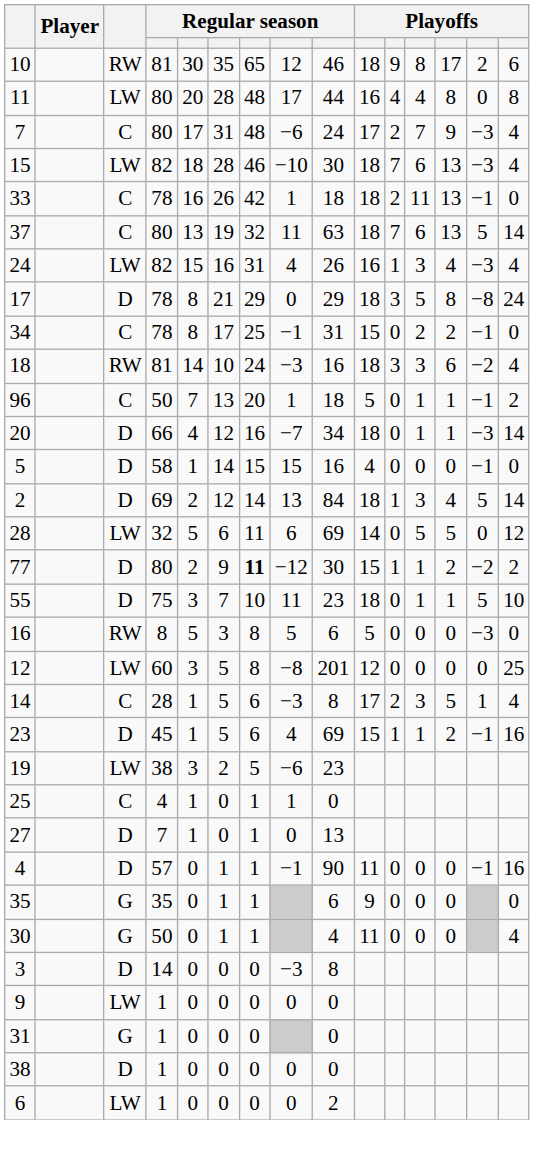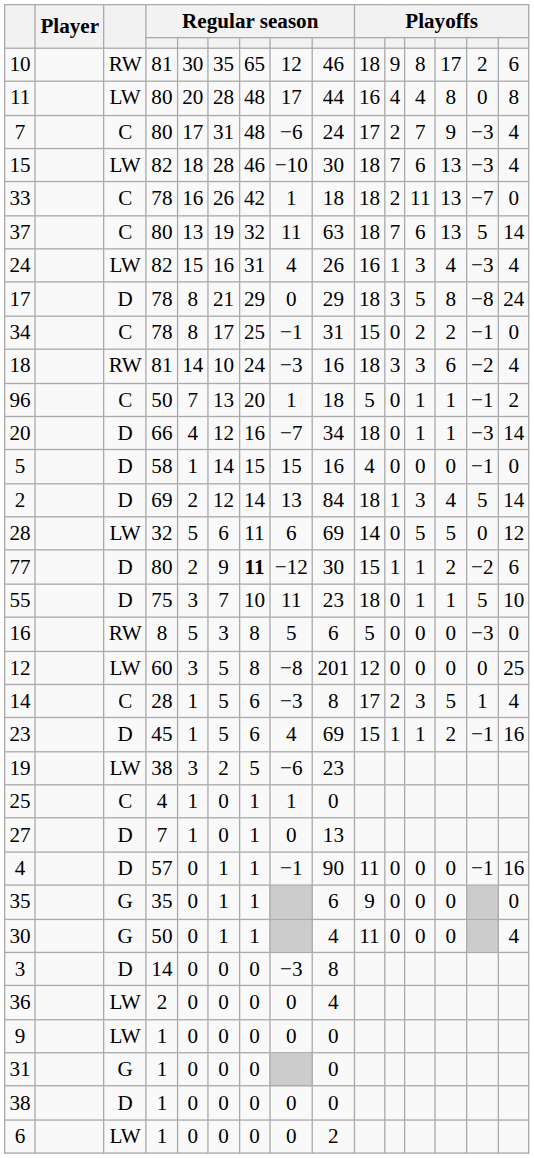 <table class="wikitable sortable plainrowheaders" style="text-align:center;">
 <tr>
 <th scope="col" data-sort-type="number" rowspan="2"></th>
 <th scope="col" rowspan="2">Player</th>
 <th scope="col" rowspan="2"></th>
 <th scope=colgroup colspan=6>Regular season</th>
 <th scope=colgroup colspan=6>Playoffs</th>
 </tr>
 <tr>
 <th scope="col" data-sort-type="number"></th>
 <th scope="col" data-sort-type="number"></th>
 <th scope="col" data-sort-type="number"></th>
 <th scope="col" data-sort-type="number"></th>
 <th scope="col" data-sort-type="number"></th>
 <th scope="col" data-sort-type="number"></th>
 <th scope="col" data-sort-type="number"></th>
 <th scope="col" data-sort-type="number"></th>
 <th scope="col" data-sort-type="number"></th>
 <th scope="col" data-sort-type="number"></th>
 <th scope="col" data-sort-type="number"></th>
 <th scope="col" data-sort-type="number"></th>
 </tr>
 <tr>
 <td scope="row">10</td>
 <td align="left"></td>
 <td>RW</td>
 <td>81</td>
 <td>30</td>
 <td>35</td>
 <td>65</td>
 <td>12</td>
 <td>46</td>
 <td>18</td>
 <td>9</td>
 <td>8</td>
 <td>17</td>
 <td>2</td>
 <td>6</td>
 </tr>
 <tr>
 <td scope="row">11</td>
 <td align="left"></td>
 <td>LW</td>
 <td>80</td>
 <td>20</td>
 <td>28</td>
 <td>48</td>
 <td>17</td>
 <td>44</td>
 <td>16</td>
 <td>4</td>
 <td>4</td>
 <td>8</td>
 <td>0</td>
 <td>8</td>
 </tr>
 <tr>
 <td scope="row">7</td>
 <td align="left"></td>
 <td>C</td>
 <td>80</td>
 <td>17</td>
 <td>31</td>
 <td>48</td>
 <td>−6</td>
 <td>24</td>
 <td>17</td>
 <td>2</td>
 <td>7</td>
 <td>9</td>
 <td>−3</td>
 <td>4</td>
 </tr>
 <tr>
 <td scope="row">15</td>
 <td align="left"></td>
 <td>LW</td>
 <td>82</td>
 <td>18</td>
 <td>28</td>
 <td>46</td>
 <td>−10</td>
 <td>30</td>
 <td>18</td>
 <td>7</td>
 <td>6</td>
 <td>13</td>
 <td>−3</td>
 <td>4</td>
 </tr>
 <tr>
 <td scope="row">33</td>
 <td align="left"></td>
 <td>C</td>
 <td>78</td>
 <td>16</td>
 <td>26</td>
 <td>42</td>
 <td>1</td>
 <td>18</td>
 <td>18</td>
 <td>2</td>
 <td>11</td>
 <td>13</td>
-<td>−1</td>
+<td>−7</td>
 <td>0</td>
 </tr>
 <tr>
 <td scope="row">37</td>
 <td align="left"></td>
 <td>C</td>
 <td>80</td>
 <td>13</td>
 <td>19</td>
 <td>32</td>
 <td>11</td>
 <td>63</td>
 <td>18</td>
 <td>7</td>
 <td>6</td>
 <td>13</td>
 <td>5</td>
 <td>14</td>
 </tr>
 <tr>
 <td scope="row">24</td>
 <td align="left"></td>
 <td>LW</td>
 <td>82</td>
 <td>15</td>
 <td>16</td>
 <td>31</td>
 <td>4</td>
 <td>26</td>
 <td>16</td>
 <td>1</td>
 <td>3</td>
 <td>4</td>
 <td>−3</td>
 <td>4</td>
 </tr>
 <tr>
 <td scope="row">17</td>
 <td align="left"></td>
 <td>D</td>
 <td>78</td>
 <td>8</td>
 <td>21</td>
 <td>29</td>
 <td>0</td>
 <td>29</td>
 <td>18</td>
 <td>3</td>
 <td>5</td>
 <td>8</td>
 <td>−8</td>
 <td>24</td>
 </tr>
 <tr>
 <td scope="row">34</td>
 <td align="left"></td>
 <td>C</td>
 <td>78</td>
 <td>8</td>
 <td>17</td>
 <td>25</td>
 <td>−1</td>
 <td>31</td>
 <td>15</td>
 <td>0</td>
 <td>2</td>
 <td>2</td>
 <td>−1</td>
 <td>0</td>
 </tr>
 <tr>
 <td scope="row">18</td>
 <td align="left"></td>
 <td>RW</td>
 <td>81</td>
 <td>14</td>
 <td>10</td>
 <td>24</td>
 <td>−3</td>
 <td>16</td>
 <td>18</td>
 <td>3</td>
 <td>3</td>
 <td>6</td>
 <td>−2</td>
 <td>4</td>
 </tr>
 <tr>
 <td scope="row">96</td>
 <td align="left"></td>
 <td>C</td>
 <td>50</td>
 <td>7</td>
 <td>13</td>
 <td>20</td>
 <td>1</td>
 <td>18</td>
 <td>5</td>
 <td>0</td>
 <td>1</td>
 <td>1</td>
 <td>−1</td>
 <td>2</td>
 </tr>
 <tr>
 <td scope="row">20</td>
 <td align="left"></td>
 <td>D</td>
 <td>66</td>
 <td>4</td>
 <td>12</td>
 <td>16</td>
 <td>−7</td>
 <td>34</td>
 <td>18</td>
 <td>0</td>
 <td>1</td>
 <td>1</td>
 <td>−3</td>
 <td>14</td>
 </tr>
 <tr>
 <td scope="row">5</td>
 <td align="left"></td>
 <td>D</td>
 <td>58</td>
 <td>1</td>
 <td>14</td>
 <td>15</td>
 <td>15</td>
 <td>16</td>
 <td>4</td>
 <td>0</td>
 <td>0</td>
 <td>0</td>
 <td>−1</td>
 <td>0</td>
 </tr>
 <tr>
 <td scope="row">2</td>
 <td align="left"></td>
 <td>D</td>
 <td>69</td>
 <td>2</td>
 <td>12</td>
 <td>14</td>
 <td>13</td>
 <td>84</td>
 <td>18</td>
 <td>1</td>
 <td>3</td>
 <td>4</td>
 <td>5</td>
 <td>14</td>
 </tr>
 <tr>
 <td scope="row">28</td>
 <td align="left"></td>
 <td>LW</td>
 <td>32</td>
 <td>5</td>
 <td>6</td>
 <td>11</td>
 <td>6</td>
 <td>69</td>
 <td>14</td>
 <td>0</td>
 <td>5</td>
 <td>5</td>
 <td>0</td>
 <td>12</td>
 </tr>
 <tr>
 <td scope="row">77</td>
 <td align="left"></td>
 <td>D</td>
 <td>80</td>
 <td>2</td>
 <td>9</td>
 <td><strong>11</strong></td>
 <td>−12</td>
 <td>30</td>
 <td>15</td>
 <td>1</td>
 <td>1</td>
 <td>2</td>
 <td>−2</td>
-<td>2</td>
+<td>6</td>
 </tr>
 <tr>
 <td scope="row">55</td>
 <td align="left"></td>
 <td>D</td>
 <td>75</td>
 <td>3</td>
 <td>7</td>
 <td>10</td>
 <td>11</td>
 <td>23</td>
 <td>18</td>
 <td>0</td>
 <td>1</td>
 <td>1</td>
 <td>5</td>
 <td>10</td>
 </tr>
 <tr>
 <td scope="row">16</td>
 <td align="left"></td>
 <td>RW</td>
 <td>8</td>
 <td>5</td>
 <td>3</td>
 <td>8</td>
 <td>5</td>
 <td>6</td>
 <td>5</td>
 <td>0</td>
 <td>0</td>
 <td>0</td>
 <td>−3</td>
 <td>0</td>
 </tr>
 <tr>
 <td scope="row">12</td>
 <td align="left"></td>
 <td>LW</td>
 <td>60</td>
 <td>3</td>
 <td>5</td>
 <td>8</td>
 <td>−8</td>
 <td>201</td>
 <td>12</td>
 <td>0</td>
 <td>0</td>
 <td>0</td>
 <td>0</td>
 <td>25</td>
 </tr>
 <tr>
 <td scope="row">14</td>
 <td align="left"></td>
 <td>C</td>
 <td>28</td>
 <td>1</td>
 <td>5</td>
 <td>6</td>
 <td>−3</td>
 <td>8</td>
 <td>17</td>
 <td>2</td>
 <td>3</td>
 <td>5</td>
 <td>1</td>
 <td>4</td>
 </tr>
 <tr>
 <td scope="row">23</td>
 <td align="left"></td>
 <td>D</td>
 <td>45</td>
 <td>1</td>
 <td>5</td>
 <td>6</td>
 <td>4</td>
 <td>69</td>
 <td>15</td>
 <td>1</td>
 <td>1</td>
 <td>2</td>
 <td>−1</td>
 <td>16</td>
 </tr>
 <tr>
 <td scope="row">19</td>
 <td align="left"></td>
 <td>LW</td>
 <td>38</td>
 <td>3</td>
 <td>2</td>
 <td>5</td>
 <td>−6</td>
 <td>23</td>
 <td></td>
 <td></td>
 <td></td>
 <td></td>
 <td></td>
 <td></td>
 </tr>
 <tr>
 <td scope="row">25</td>
 <td align="left"></td>
 <td>C</td>
 <td>4</td>
 <td>1</td>
 <td>0</td>
 <td>1</td>
 <td>1</td>
 <td>0</td>
 <td></td>
 <td></td>
 <td></td>
 <td></td>
 <td></td>
 <td></td>
 </tr>
 <tr>
 <td scope="row">27</td>
 <td align="left"></td>
 <td>D</td>
 <td>7</td>
 <td>1</td>
 <td>0</td>
 <td>1</td>
 <td>0</td>
 <td>13</td>
 <td></td>
 <td></td>
 <td></td>
 <td></td>
 <td></td>
 <td></td>
 </tr>
 <tr>
 <td scope="row">4</td>
 <td align="left"></td>
 <td>D</td>
 <td>57</td>
 <td>0</td>
 <td>1</td>
 <td>1</td>
 <td>−1</td>
 <td>90</td>
 <td>11</td>
 <td>0</td>
 <td>0</td>
 <td>0</td>
 <td>−1</td>
 <td>16</td>
 </tr>
 <tr>
 <td scope="row">35</td>
 <td align="left"></td>
 <td>G</td>
 <td>35</td>
 <td>0</td>
 <td>1</td>
 <td>1</td>
 <td style="background:#ccc"></td>
 <td>6</td>
 <td>9</td>
 <td>0</td>
 <td>0</td>
 <td>0</td>
 <td style="background:#ccc"></td>
 <td>0</td>
 </tr>
 <tr>
 <td scope="row">30</td>
 <td align="left"></td>
 <td>G</td>
 <td>50</td>
 <td>0</td>
 <td>1</td>
 <td>1</td>
 <td style="background:#ccc"></td>
 <td>4</td>
 <td>11</td>
 <td>0</td>
 <td>0</td>
 <td>0</td>
 <td style="background:#ccc"></td>
 <td>4</td>
 </tr>
 <tr>
 <td scope="row">3</td>
 <td align="left"></td>
 <td>D</td>
 <td>14</td>
 <td>0</td>
 <td>0</td>
 <td>0</td>
 <td>−3</td>
 <td>8</td>
 <td></td>
 <td></td>
 <td></td>
 <td></td>
 <td></td>
 <td></td>
 </tr>
 <tr>
+<td scope="row">36</td>
+<td align="left"></td>
+<td>LW</td>
+<td>2</td>
+<td>0</td>
+<td>0</td>
+<td>0</td>
+<td>0</td>
+<td>4</td>
+<td></td>
+<td></td>
+<td></td>
+<td></td>
+<td></td>
+<td></td>
+</tr>
+<tr>
 <td scope="row">9</td>
 <td align="left"></td>
 <td>LW</td>
 <td>1</td>
 <td>0</td>
 <td>0</td>
 <td>0</td>
 <td>0</td>
 <td>0</td>
 <td></td>
 <td></td>
 <td></td>
 <td></td>
 <td></td>
 <td></td>
 </tr>
 <tr>
 <td scope="row">31</td>
 <td align="left"></td>
 <td>G</td>
 <td>1</td>
 <td>0</td>
 <td>0</td>
 <td>0</td>
 <td style="background:#ccc"></td>
 <td>0</td>
 <td></td>
 <td></td>
 <td></td>
 <td></td>
 <td></td>
 <td></td>
 </tr>
 <tr>
 <td scope="row">38</td>
 <td align="left"></td>
 <td>D</td>
 <td>1</td>
 <td>0</td>
 <td>0</td>
 <td>0</td>
 <td>0</td>
 <td>0</td>
 <td></td>
 <td></td>
 <td></td>
 <td></td>
 <td></td>
 <td></td>
 </tr>
 <tr>
 <td scope="row">6</td>
 <td align="left"></td>
 <td>LW</td>
 <td>1</td>
 <td>0</td>
 <td>0</td>
 <td>0</td>
 <td>0</td>
 <td>2</td>
 <td></td>
 <td></td>
 <td></td>
 <td></td>
 <td></td>
 <td></td>
 </tr>
 </table>
